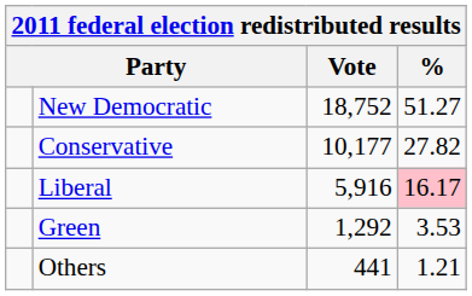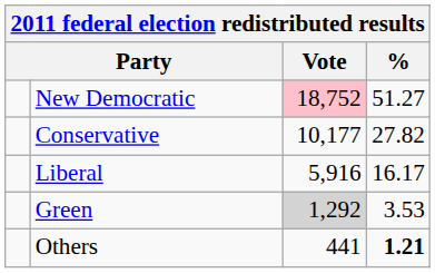 <table class="wikitable">
 <tr>
 <th colspan="4"><a href='#'>2011 federal election</a> redistributed results</th>
 </tr>
 <tr>
 <th bgcolor="#DDDDFF" width="130px" colspan="2">Party</th>
 <th bgcolor="#DDDDFF" width="50px">Vote</th>
 <th bgcolor="#DDDDFF" width="30px">%</th>
 </tr>
 <tr>
 <td> </td>
 <td><a href='#'>New Democratic</a></td>
-<td align="right">18,752</td>
+<td align="right" style="background: pink;">18,752</td>
 <td align="right">51.27</td>
 </tr>
 <tr>
 <td> </td>
 <td><a href='#'>Conservative</a></td>
 <td align="right">10,177</td>
 <td align="right">27.82</td>
 </tr>
 <tr>
 <td> </td>
 <td><a href='#'>Liberal</a></td>
 <td align="right">5,916</td>
-<td align="right" style="background: pink;">16.17</td>
+<td align="right">16.17</td>
 </tr>
 <tr>
 <td> </td>
 <td><a href='#'>Green</a></td>
-<td align="right">1,292</td>
+<td align="right" style="background: lightgrey;">1,292</td>
 <td align="right">3.53</td>
 </tr>
 <tr>
 <td> </td>
 <td>Others</td>
 <td align="right">441</td>
-<td align="right">1.21</td>
+<td align="right"><strong>1.21</strong></td>
 </tr>
 </table>
